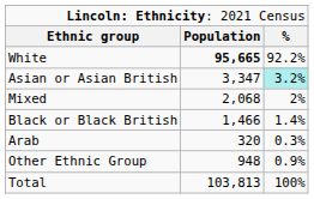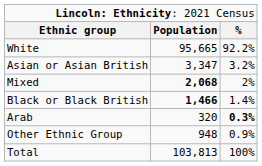 <table class="wikitable">
 <tr>
 <td colspan="14" style="text-align:right;"><strong>Lincoln: Ethnicity</strong>: 2021 Census</td>
 </tr>
 <tr>
 <th>Ethnic group</th>
 <th>Population</th>
 <th>%</th>
 </tr>
 <tr>
 <td>White</td>
-<td style="text-align:right;"><strong>95,665</strong></td>
+<td style="text-align:right;">95,665</td>
 <td style="text-align:right;">92.2%</td>
 </tr>
 <tr>
 <td>Asian or Asian British</td>
 <td style="text-align:right;">3,347</td>
-<td style="background: paleturquoise; text-align:right;">3.2%</td>
+<td style="text-align:right;">3.2%</td>
 </tr>
 <tr>
 <td>Mixed</td>
-<td style="text-align:right;">2,068</td>
+<td style="text-align:right;"><strong>2,068</strong></td>
 <td style="text-align:right;">2%</td>
 </tr>
 <tr>
 <td>Black or Black British</td>
-<td style="text-align:right;">1,466</td>
+<td style="text-align:right;"><strong>1,466</strong></td>
 <td style="text-align:right;">1.4%</td>
 </tr>
 <tr>
 <td>Arab</td>
 <td style="text-align:right;">320</td>
-<td style="text-align:right;">0.3%</td>
+<td style="text-align:right;"><strong>0.3%</strong></td>
 </tr>
 <tr>
 <td>Other Ethnic Group</td>
 <td style="text-align:right;">948</td>
 <td style="text-align:right;">0.9%</td>
 </tr>
 <tr>
 <td>Total</td>
 <td style="text-align:right;">103,813</td>
 <td style="text-align:right;">100%</td>
 </tr>
 </table>
